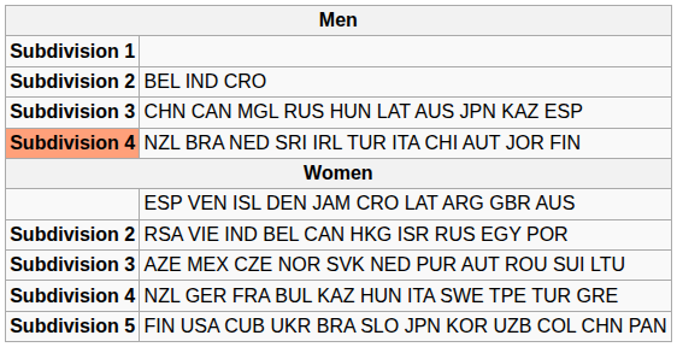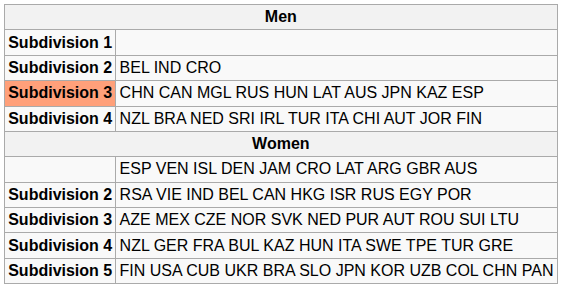 <table class="wikitable">
 <tr>
 <th colspan="2">Men</th>
 </tr>
 <tr>
 <td><strong>Subdivision 1</strong></td>
 <td>                </td>
 </tr>
 <tr>
 <td><strong>Subdivision 2</strong></td>
 <td>            BEL    IND  CRO </td>
 </tr>
 <tr>
-<td><strong>Subdivision 3</strong></td>
+<td style="background: lightsalmon;"><strong>Subdivision 3</strong></td>
 <td> CHN  CAN  MGL  RUS  HUN  LAT  AUS  JPN  KAZ       ESP  </td>
 </tr>
 <tr>
-<td style="background: lightsalmon;"><strong>Subdivision 4</strong></td>
+<td><strong>Subdivision 4</strong></td>
 <td> NZL  BRA  NED  SRI  IRL  TUR  ITA  CHI  AUT     JOR  FIN  </td>
 </tr>
 <tr>
 <th colspan="2">Women</th>
 </tr>
 <tr>
 <td><strong></strong></td>
 <td> ESP  VEN  ISL  DEN  JAM  CRO  LAT  ARG GBR  AUS</td>
 </tr>
 <tr>
 <td><strong>Subdivision 2</strong></td>
 <td> RSA   VIE  IND  BEL  CAN  HKG  ISR  RUS  EGY  POR</td>
 </tr>
 <tr>
 <td><strong>Subdivision 3</strong></td>
 <td> AZE  MEX  CZE  NOR  SVK  NED  PUR  AUT  ROU  SUI  LTU</td>
 </tr>
 <tr>
 <td><strong>Subdivision 4</strong></td>
 <td> NZL  GER  FRA  BUL  KAZ  HUN  ITA  SWE  TPE  TUR  GRE</td>
 </tr>
 <tr>
 <td><strong>Subdivision 5</strong></td>
 <td> FIN  USA  CUB  UKR  BRA SLO  JPN  KOR  UZB  COL  CHN  PAN</td>
 </tr>
 </table>
